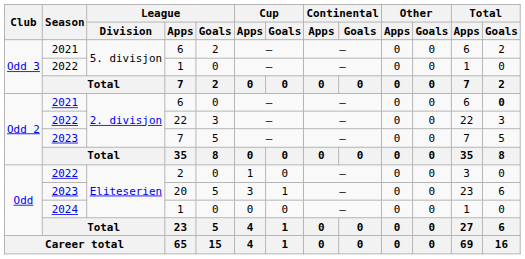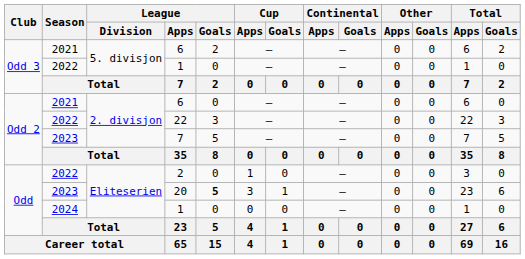 <table class=wikitable style=text-align:center>
 <tr>
 <th rowspan=2>Club</th>
 <th rowspan=2>Season</th>
 <th colspan=3>League</th>
 <th colspan=2>Cup</th>
 <th colspan=2>Continental</th>
 <th colspan=2>Other</th>
 <th colspan=2>Total</th>
 </tr>
 <tr>
 <th>Division</th>
 <th>Apps</th>
 <th>Goals</th>
 <th>Apps</th>
 <th>Goals</th>
 <th>Apps</th>
 <th>Goals</th>
 <th>Apps</th>
 <th>Goals</th>
 <th>Apps</th>
 <th>Goals</th>
 </tr>
 <tr>
 <td rowspan="3"><a href='#'>Odd 3</a></td>
 <td>2021</td>
 <td rowspan="2">5. divisjon</td>
 <td>6</td>
 <td>2</td>
 <td colspan="2">–</td>
 <td colspan="2">–</td>
 <td>0</td>
 <td>0</td>
 <td>6</td>
 <td>2</td>
 </tr>
 <tr>
 <td>2022</td>
 <td>1</td>
 <td>0</td>
 <td colspan="2">–</td>
 <td colspan="2">–</td>
 <td>0</td>
 <td>0</td>
 <td>1</td>
 <td>0</td>
 </tr>
 <tr>
 <th colspan=2><strong>Total</strong></th>
 <th>7</th>
 <th>2</th>
 <th>0</th>
 <th>0</th>
 <th>0</th>
 <th>0</th>
 <th>0</th>
 <th>0</th>
 <th>7</th>
 <th>2</th>
 </tr>
 <tr>
 <td rowspan="4"><a href='#'>Odd 2</a></td>
 <td><a href='#'>2021</a></td>
 <td rowspan="3"><a href='#'>2. divisjon</a></td>
 <td>6</td>
 <td>0</td>
 <td colspan="2">–</td>
 <td colspan="2">–</td>
 <td>0</td>
 <td>0</td>
 <td>6</td>
-<td><strong>0</strong></td>
+<td>0</td>
 </tr>
 <tr>
 <td><a href='#'>2022</a></td>
 <td>22</td>
 <td>3</td>
 <td colspan="2">–</td>
 <td colspan="2">–</td>
 <td>0</td>
 <td>0</td>
 <td>22</td>
 <td>3</td>
 </tr>
 <tr>
 <td><a href='#'>2023</a></td>
 <td>7</td>
 <td>5</td>
 <td colspan="2">–</td>
 <td colspan="2">–</td>
 <td>0</td>
 <td>0</td>
 <td>7</td>
 <td>5</td>
 </tr>
 <tr>
 <th colspan=2><strong>Total</strong></th>
 <th>35</th>
 <th>8</th>
 <th>0</th>
 <th>0</th>
 <th>0</th>
 <th>0</th>
 <th>0</th>
 <th>0</th>
 <th>35</th>
 <th>8</th>
 </tr>
 <tr>
 <td rowspan="4"><a href='#'>Odd</a></td>
 <td><a href='#'>2022</a></td>
 <td rowspan="3"><a href='#'>Eliteserien</a></td>
 <td>2</td>
 <td>0</td>
 <td>1</td>
 <td>0</td>
 <td colspan="2">–</td>
 <td>0</td>
 <td>0</td>
 <td>3</td>
 <td>0</td>
 </tr>
 <tr>
 <td><a href='#'>2023</a></td>
 <td>20</td>
-<td>5</td>
+<td><strong>5</strong></td>
 <td>3</td>
 <td>1</td>
 <td colspan="2">–</td>
 <td>0</td>
 <td>0</td>
 <td>23</td>
 <td>6</td>
 </tr>
 <tr>
 <td><a href='#'>2024</a></td>
 <td>1</td>
 <td>0</td>
 <td>0</td>
 <td>0</td>
 <td colspan="2">–</td>
 <td>0</td>
 <td>0</td>
 <td>1</td>
 <td>0</td>
 </tr>
 <tr>
 <th colspan=2><strong>Total</strong></th>
 <th>23</th>
 <th>5</th>
 <th>4</th>
 <th>1</th>
 <th>0</th>
 <th>0</th>
 <th>0</th>
 <th>0</th>
 <th>27</th>
 <th>6</th>
 </tr>
 <tr>
 <th colspan=3><strong>Career total</strong></th>
 <th>65</th>
 <th>15</th>
 <th>4</th>
 <th>1</th>
 <th>0</th>
 <th>0</th>
 <th>0</th>
 <th>0</th>
 <th>69</th>
 <th>16</th>
 </tr>
 </table>
